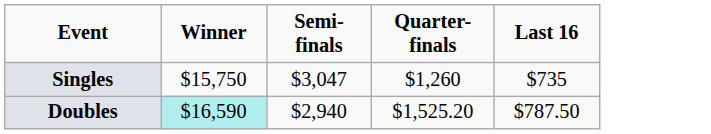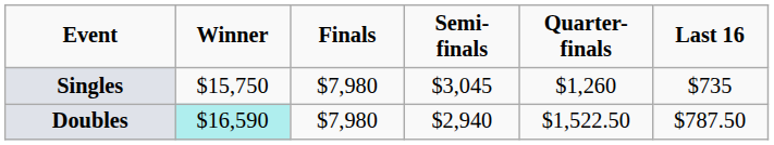 <table class=wikitable style="font-size:90%;text-align:center">
 <tr>
 <td style="width:104px;"><strong>Event</strong></td>
 <td style="width:68px;"><strong>Winner</strong></td>
+<td style="width:68px;"><strong>Finals</strong></td>
 <td style="width:68px;"><strong>Semi-finals</strong></td>
 <td style="width:80px;"><strong>Quarter-finals</strong></td>
 <td style="width:68px;"><strong>Last 16</strong></td>
 </tr>
 <tr>
 <td style="background:#dfe2e9;"><strong>Singles</strong></td>
 <td>$15,750</td>
-<td>$3,047</td>
+<td>$7,980</td>
+<td>$3,045</td>
 <td>$1,260</td>
 <td>$735</td>
 </tr>
 <tr>
 <td style="background:#dfe2e9;"><strong>Doubles</strong></td>
 <td style="background: paleturquoise;">$16,590</td>
+<td>$7,980</td>
 <td>$2,940</td>
-<td>$1,525.20</td>
+<td>$1,522.50</td>
 <td>$787.50</td>
 </tr>
 </table>
